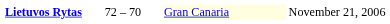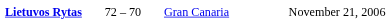 <table style="text-align:center">
 <tr>
 <th width=160></th>
 <th width=100></th>
 <th width=160></th>
 <th width=200></th>
 </tr>
 <tr>
 <td align=right><strong><a href='#'>Lietuvos Rytas</a></strong> </td>
 <td>72 – 70</td>
-<td align=left style="background: lightyellow;"> <a href='#'>Gran Canaria</a></td>
+<td align=left> <a href='#'>Gran Canaria</a></td>
 <td align=left>November 21, 2006</td>
 </tr>
 </table>
